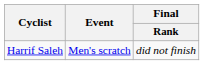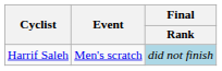 <table class="wikitable" style="font-size:90%">
 <tr>
 <th rowspan=2>Cyclist</th>
 <th rowspan=2>Event</th>
 <th>Final</th>
 </tr>
 <tr style="font-size:95%">
 <th>Rank</th>
 </tr>
 <tr align=center>
 <td align=left><a href='#'>Harrif Saleh</a></td>
 <td align=left><a href='#'>Men's scratch</a></td>
-<td><em>did not finish</em></td>
+<td style="background: lightblue;"><em>did not finish</em></td>
 </tr>
 </table>
